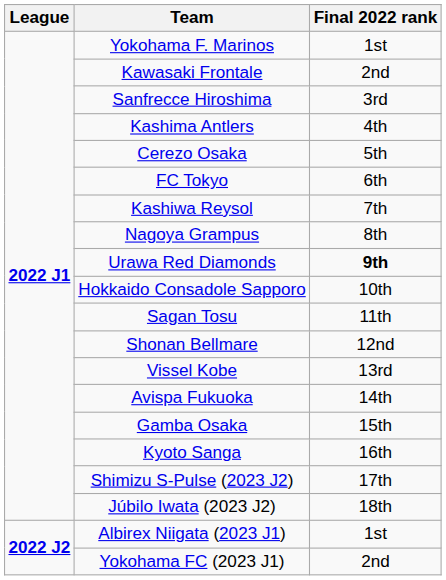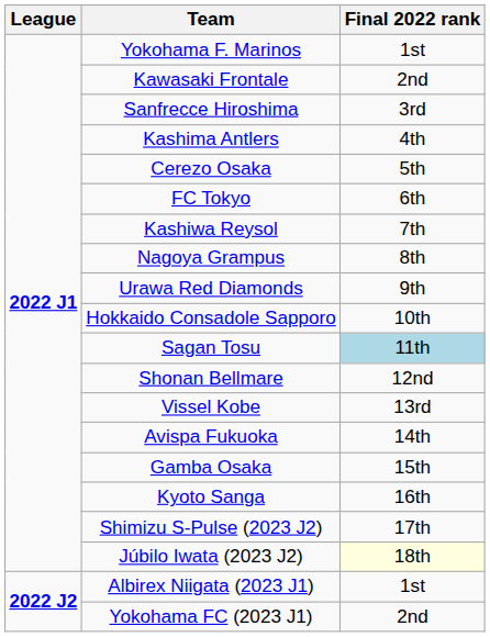 <table class="wikitable" style="text-align:center;">
 <tr>
 <th>League</th>
 <th>Team</th>
 <th>Final 2022 rank</th>
 </tr>
 <tr>
 <td rowspan="18"><strong><a href='#'>2022 J1</a></strong></td>
 <td><a href='#'>Yokohama F. Marinos</a></td>
 <td>1st</td>
 </tr>
 <tr>
 <td><a href='#'>Kawasaki Frontale</a></td>
 <td>2nd</td>
 </tr>
 <tr>
 <td><a href='#'>Sanfrecce Hiroshima</a></td>
 <td>3rd</td>
 </tr>
 <tr>
 <td><a href='#'>Kashima Antlers</a></td>
 <td>4th</td>
 </tr>
 <tr>
 <td><a href='#'>Cerezo Osaka</a></td>
 <td>5th</td>
 </tr>
 <tr>
 <td><a href='#'>FC Tokyo</a></td>
 <td>6th</td>
 </tr>
 <tr>
 <td><a href='#'>Kashiwa Reysol</a></td>
 <td>7th</td>
 </tr>
 <tr>
 <td><a href='#'>Nagoya Grampus</a></td>
 <td>8th</td>
 </tr>
 <tr>
 <td><a href='#'>Urawa Red Diamonds</a></td>
-<td><strong>9th</strong></td>
+<td>9th</td>
 </tr>
 <tr>
 <td><a href='#'>Hokkaido Consadole Sapporo</a></td>
 <td>10th</td>
 </tr>
 <tr>
 <td><a href='#'>Sagan Tosu</a></td>
-<td>11th</td>
+<td style="background: lightblue;">11th</td>
 </tr>
 <tr>
 <td><a href='#'>Shonan Bellmare</a></td>
 <td>12nd</td>
 </tr>
 <tr>
 <td><a href='#'>Vissel Kobe</a></td>
 <td>13rd</td>
 </tr>
 <tr>
 <td><a href='#'>Avispa Fukuoka</a></td>
 <td>14th</td>
 </tr>
 <tr>
 <td><a href='#'>Gamba Osaka</a></td>
 <td>15th</td>
 </tr>
 <tr>
 <td><a href='#'>Kyoto Sanga</a></td>
 <td>16th</td>
 </tr>
 <tr>
 <td><a href='#'>Shimizu S-Pulse</a> (<a href='#'>2023 J2</a>)</td>
 <td>17th</td>
 </tr>
 <tr>
 <td><a href='#'>Júbilo Iwata</a> (2023 J2)</td>
-<td>18th</td>
+<td style="background: lightyellow;">18th</td>
 </tr>
 <tr>
 <td rowspan="2"><strong><a href='#'>2022 J2</a></strong></td>
 <td><a href='#'>Albirex Niigata</a> (<a href='#'>2023 J1</a>)</td>
 <td>1st</td>
 </tr>
 <tr>
 <td><a href='#'>Yokohama FC</a>  (2023 J1)</td>
 <td>2nd</td>
 </tr>
 </table>
